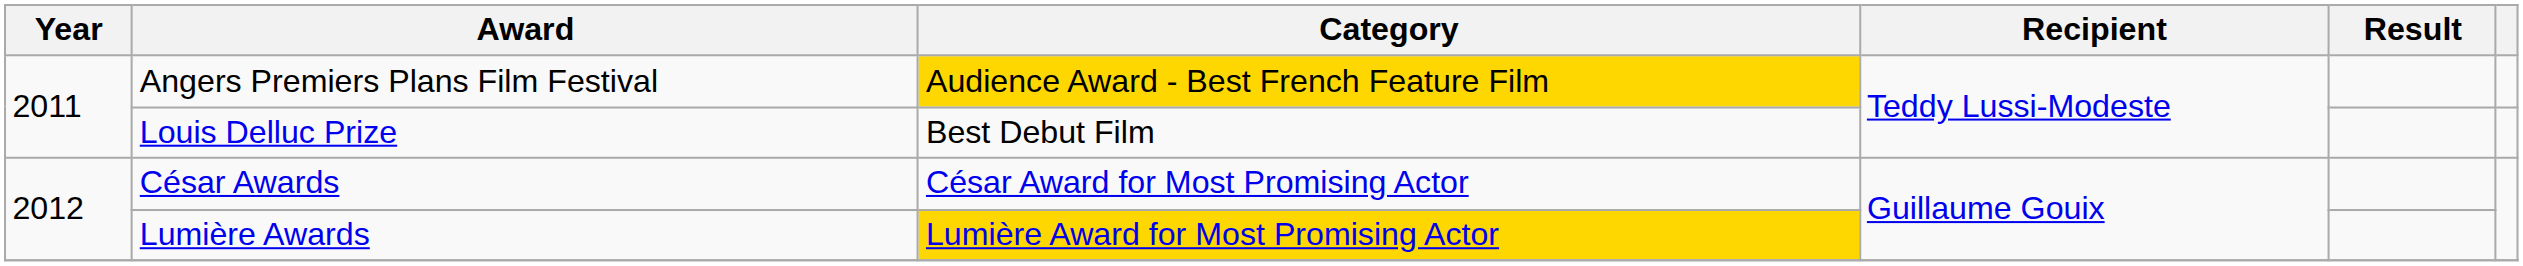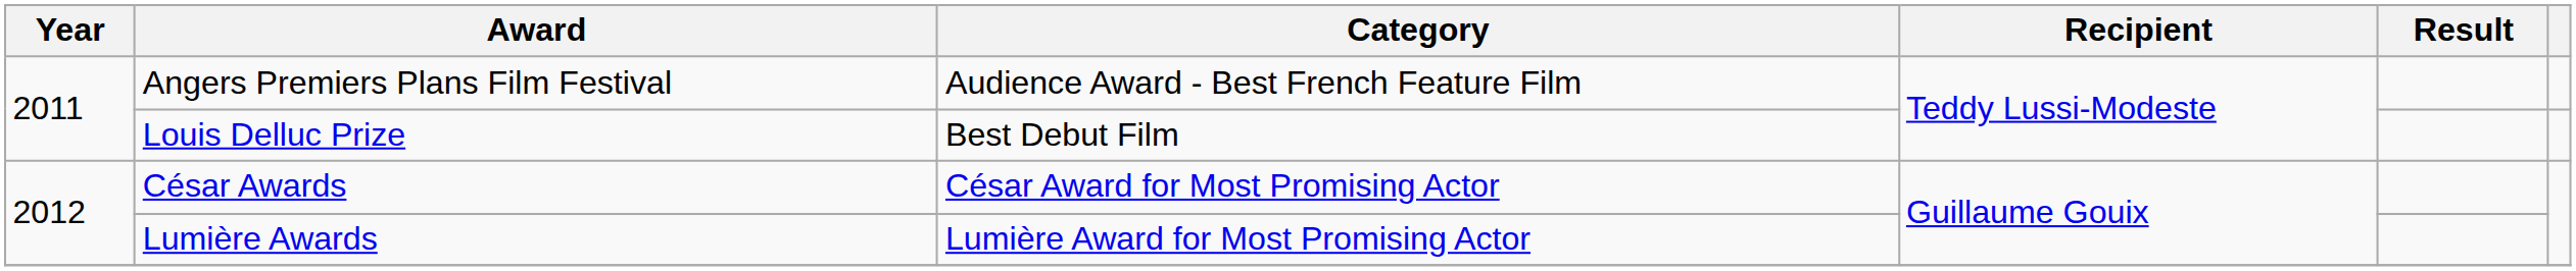 <table class="wikitable" style="width:99%;">
 <tr>
 <th>Year</th>
 <th>Award</th>
 <th>Category</th>
 <th>Recipient</th>
 <th>Result</th>
 <th scope="col" class="unsortable"></th>
 </tr>
 <tr>
 <td rowspan=2>2011</td>
 <td>Angers Premiers Plans Film Festival</td>
-<td style="background: gold;">Audience Award - Best French Feature Film</td>
+<td>Audience Award - Best French Feature Film</td>
 <td rowspan=2><a href='#'>Teddy Lussi-Modeste</a></td>
 <td></td>
 <td></td>
 </tr>
 <tr>
 <td><a href='#'>Louis Delluc Prize</a></td>
 <td>Best Debut Film</td>
 <td></td>
 <td></td>
 </tr>
 <tr>
 <td rowspan=2>2012</td>
 <td><a href='#'>César Awards</a></td>
 <td><a href='#'>César Award for Most Promising Actor</a></td>
 <td rowspan=2><a href='#'>Guillaume Gouix</a></td>
 <td></td>
 <td rowspan=2></td>
 </tr>
 <tr>
 <td><a href='#'>Lumière Awards</a></td>
-<td style="background: gold;"><a href='#'>Lumière Award for Most Promising Actor</a></td>
+<td><a href='#'>Lumière Award for Most Promising Actor</a></td>
 <td></td>
 </tr>
 <tr>
 </tr>
 </table>
